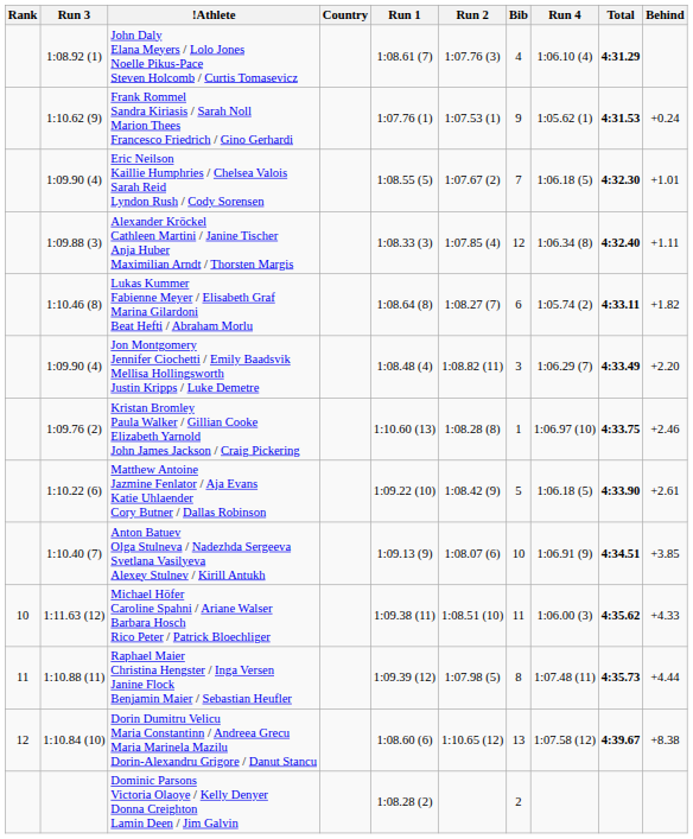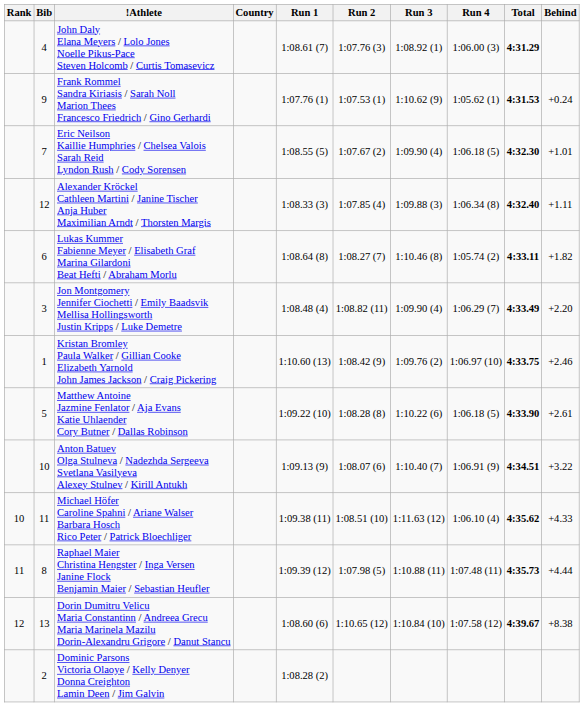 <table class="wikitable sortable" style="text-align:center">
 <tr bgcolor=efefef>
 <th>Rank</th>
-<th>Run 3</th>
+<th>Bib</th>
 <th>!Athlete</th>
 <th>Country</th>
 <th>Run 1</th>
 <th>Run 2</th>
-<th>Bib</th>
+<th>Run 3</th>
 <th>Run 4</th>
 <th>Total</th>
 <th>Behind</th>
 </tr>
 <tr>
 <td></td>
-<td>1:08.92 (1)</td>
+<td>4</td>
 <td align=left><a href='#'>John Daly</a><br><a href='#'>Elana Meyers</a> / <a href='#'>Lolo Jones</a><br><a href='#'>Noelle Pikus-Pace</a><br><a href='#'>Steven Holcomb</a> / <a href='#'>Curtis Tomasevicz</a></td>
 <td align=left></td>
 <td>1:08.61 (7)</td>
 <td>1:07.76 (3)</td>
-<td>4</td>
-<td>1:06.10 (4)</td>
+<td>1:08.92 (1)</td>
+<td>1:06.00 (3)</td>
 <td><strong>4:31.29</strong></td>
 <td></td>
 </tr>
 <tr>
 <td></td>
-<td>1:10.62 (9)</td>
+<td>9</td>
 <td align=left><a href='#'>Frank Rommel</a><br><a href='#'>Sandra Kiriasis</a> / <a href='#'>Sarah Noll</a><br><a href='#'>Marion Thees</a><br><a href='#'>Francesco Friedrich</a> / <a href='#'>Gino Gerhardi</a></td>
 <td align=left></td>
 <td>1:07.76 (1)</td>
 <td>1:07.53 (1)</td>
-<td>9</td>
+<td>1:10.62 (9)</td>
 <td>1:05.62 (1)</td>
 <td><strong>4:31.53</strong></td>
 <td>+0.24</td>
 </tr>
 <tr>
 <td></td>
-<td>1:09.90 (4)</td>
+<td>7</td>
 <td align=left><a href='#'>Eric Neilson</a><br><a href='#'>Kaillie Humphries</a> / <a href='#'>Chelsea Valois</a><br><a href='#'>Sarah Reid</a><br><a href='#'>Lyndon Rush</a> / <a href='#'>Cody Sorensen</a></td>
 <td align=left></td>
 <td>1:08.55 (5)</td>
 <td>1:07.67 (2)</td>
-<td>7</td>
+<td>1:09.90 (4)</td>
 <td>1:06.18 (5)</td>
 <td><strong>4:32.30</strong></td>
 <td>+1.01</td>
 </tr>
 <tr>
 <td></td>
-<td>1:09.88 (3)</td>
+<td>12</td>
 <td align=left><a href='#'>Alexander Kröckel</a><br><a href='#'>Cathleen Martini</a> / <a href='#'>Janine Tischer</a><br><a href='#'>Anja Huber</a><br><a href='#'>Maximilian Arndt</a> / <a href='#'>Thorsten Margis</a></td>
 <td align=left></td>
 <td>1:08.33 (3)</td>
 <td>1:07.85 (4)</td>
-<td>12</td>
+<td>1:09.88 (3)</td>
 <td>1:06.34 (8)</td>
 <td><strong>4:32.40</strong></td>
 <td>+1.11</td>
 </tr>
 <tr>
 <td></td>
-<td>1:10.46 (8)</td>
+<td>6</td>
 <td align=left><a href='#'>Lukas Kummer</a><br><a href='#'>Fabienne Meyer</a> / <a href='#'>Elisabeth Graf</a><br><a href='#'>Marina Gilardoni</a><br><a href='#'>Beat Hefti</a> / <a href='#'>Abraham Morlu</a></td>
 <td align=left></td>
 <td>1:08.64 (8)</td>
 <td>1:08.27 (7)</td>
-<td>6</td>
+<td>1:10.46 (8)</td>
 <td>1:05.74 (2)</td>
 <td><strong>4:33.11</strong></td>
 <td>+1.82</td>
 </tr>
 <tr>
 <td></td>
-<td>1:09.90 (4)</td>
+<td>3</td>
 <td align=left><a href='#'>Jon Montgomery</a><br><a href='#'>Jennifer Ciochetti</a> / <a href='#'>Emily Baadsvik</a><br><a href='#'>Mellisa Hollingsworth</a><br><a href='#'>Justin Kripps</a> / <a href='#'>Luke Demetre</a></td>
 <td align=left></td>
 <td>1:08.48 (4)</td>
 <td>1:08.82 (11)</td>
-<td>3</td>
+<td>1:09.90 (4)</td>
 <td>1:06.29 (7)</td>
 <td><strong>4:33.49</strong></td>
 <td>+2.20</td>
 </tr>
 <tr>
 <td></td>
-<td>1:09.76 (2)</td>
+<td>1</td>
 <td align=left><a href='#'>Kristan Bromley</a><br><a href='#'>Paula Walker</a> / <a href='#'>Gillian Cooke</a><br><a href='#'>Elizabeth Yarnold</a><br><a href='#'>John James Jackson</a> / <a href='#'>Craig Pickering</a></td>
 <td align=left></td>
 <td>1:10.60 (13)</td>
-<td>1:08.28 (8)</td>
-<td>1</td>
+<td>1:08.42 (9)</td>
+<td>1:09.76 (2)</td>
 <td>1:06.97 (10)</td>
 <td><strong>4:33.75</strong></td>
 <td>+2.46</td>
 </tr>
 <tr>
 <td></td>
-<td>1:10.22 (6)</td>
+<td>5</td>
 <td align=left><a href='#'>Matthew Antoine</a><br><a href='#'>Jazmine Fenlator</a> / <a href='#'>Aja Evans</a><br><a href='#'>Katie Uhlaender</a><br><a href='#'>Cory Butner</a> / <a href='#'>Dallas Robinson</a></td>
 <td align=left></td>
 <td>1:09.22 (10)</td>
-<td>1:08.42 (9)</td>
-<td>5</td>
+<td>1:08.28 (8)</td>
+<td>1:10.22 (6)</td>
 <td>1:06.18 (5)</td>
 <td><strong>4:33.90</strong></td>
 <td>+2.61</td>
 </tr>
 <tr>
 <td></td>
-<td>1:10.40 (7)</td>
+<td>10</td>
 <td align=left><a href='#'>Anton Batuev</a><br><a href='#'>Olga Stulneva</a> / <a href='#'>Nadezhda Sergeeva</a><br><a href='#'>Svetlana Vasilyeva</a><br><a href='#'>Alexey Stulnev</a> / <a href='#'>Kirill Antukh</a></td>
 <td align=left></td>
 <td>1:09.13 (9)</td>
 <td>1:08.07 (6)</td>
-<td>10</td>
+<td>1:10.40 (7)</td>
 <td>1:06.91 (9)</td>
 <td><strong>4:34.51</strong></td>
-<td>+3.85</td>
+<td>+3.22</td>
 </tr>
 <tr>
 <td>10</td>
-<td>1:11.63 (12)</td>
+<td>11</td>
 <td align=left><a href='#'>Michael Höfer</a><br><a href='#'>Caroline Spahni</a> / <a href='#'>Ariane Walser</a><br><a href='#'>Barbara Hosch</a><br><a href='#'>Rico Peter</a> / <a href='#'>Patrick Bloechliger</a></td>
 <td align=left></td>
 <td>1:09.38 (11)</td>
 <td>1:08.51 (10)</td>
-<td>11</td>
-<td>1:06.00 (3)</td>
+<td>1:11.63 (12)</td>
+<td>1:06.10 (4)</td>
 <td><strong>4:35.62</strong></td>
 <td>+4.33</td>
 </tr>
 <tr>
 <td>11</td>
-<td>1:10.88 (11)</td>
+<td>8</td>
 <td align=left><a href='#'>Raphael Maier</a><br><a href='#'>Christina Hengster</a> / <a href='#'>Inga Versen</a><br><a href='#'>Janine Flock</a><br><a href='#'>Benjamin Maier</a> / <a href='#'>Sebastian Heufler</a></td>
 <td align=left></td>
 <td>1:09.39 (12)</td>
 <td>1:07.98 (5)</td>
-<td>8</td>
+<td>1:10.88 (11)</td>
 <td>1:07.48 (11)</td>
 <td><strong>4:35.73</strong></td>
 <td>+4.44</td>
 </tr>
 <tr>
 <td>12</td>
-<td>1:10.84 (10)</td>
+<td>13</td>
 <td align=left><a href='#'>Dorin Dumitru Velicu</a><br><a href='#'>Maria Constantinn</a> / <a href='#'>Andreea Grecu</a><br><a href='#'>Maria Marinela Mazilu</a><br><a href='#'>Dorin-Alexandru Grigore</a> / <a href='#'>Danut Stancu</a></td>
 <td align=left></td>
 <td>1:08.60 (6)</td>
 <td>1:10.65 (12)</td>
-<td>13</td>
+<td>1:10.84 (10)</td>
 <td>1:07.58 (12)</td>
 <td><strong>4:39.67</strong></td>
 <td>+8.38</td>
 </tr>
 <tr>
 <td></td>
-<td></td>
+<td>2</td>
 <td align=left><a href='#'>Dominic Parsons</a><br><a href='#'>Victoria Olaoye</a> / <a href='#'>Kelly Denyer</a><br><a href='#'>Donna Creighton</a><br><a href='#'>Lamin Deen</a> / <a href='#'>Jim Galvin</a></td>
 <td align=left></td>
 <td>1:08.28 (2)</td>
 <td></td>
-<td>2</td>
+<td></td>
 <td></td>
 <td><strong></strong></td>
 <td></td>
 </tr>
 </table>
